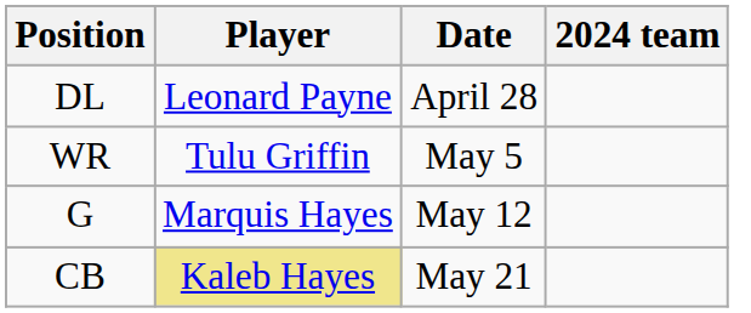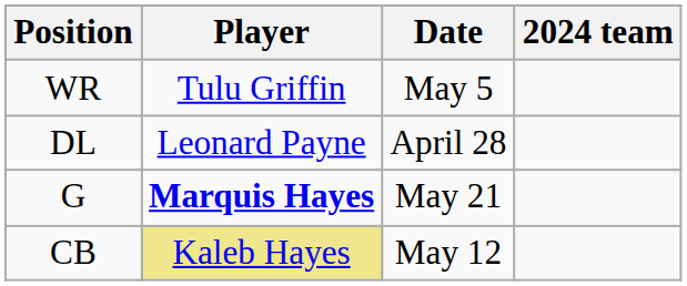 <table class="wikitable" style="text-align:center">
 <tr>
 <th>Position</th>
 <th>Player</th>
 <th>Date</th>
 <th>2024 team</th>
 </tr>
 <tr>
+<td>WR</td>
+<td><a href='#'>Tulu Griffin</a></td>
+<td>May 5</td>
+<td></td>
+</tr>
+<tr>
 <td>DL</td>
 <td><a href='#'>Leonard Payne</a></td>
 <td>April 28</td>
 <td></td>
 </tr>
 <tr>
-<td>WR</td>
-<td><a href='#'>Tulu Griffin</a></td>
-<td>May 5</td>
-<td></td>
-</tr>
-<tr>
 <td>G</td>
-<td><a href='#'>Marquis Hayes</a></td>
-<td>May 12</td>
+<td><strong><a href='#'>Marquis Hayes</a></strong></td>
+<td>May 21</td>
 <td></td>
 </tr>
 <tr>
 <td>CB</td>
 <td style="background: khaki;"><a href='#'>Kaleb Hayes</a></td>
-<td>May 21</td>
+<td>May 12</td>
 <td></td>
 </tr>
 </table>
